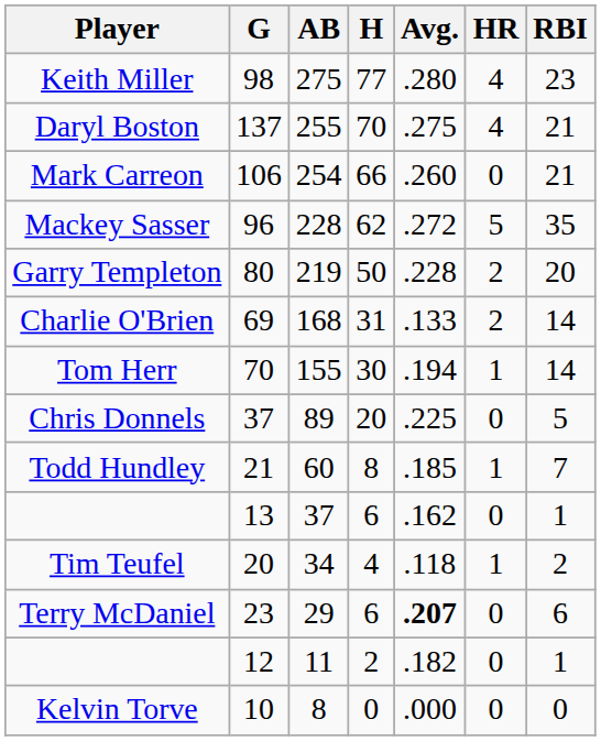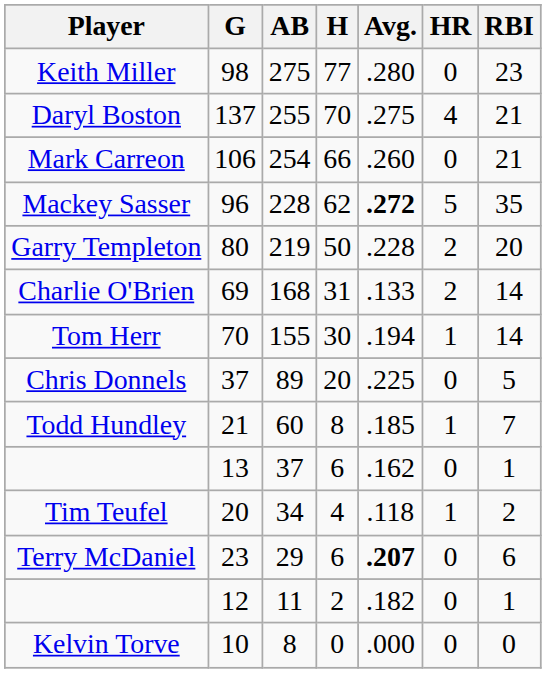 <table class="wikitable sortable">
 <tr>
 <th>Player</th>
 <th>G</th>
 <th>AB</th>
 <th>H</th>
 <th>Avg.</th>
 <th>HR</th>
 <th>RBI</th>
 </tr>
 <tr align="center">
 <td><a href='#'>Keith Miller</a></td>
 <td>98</td>
 <td>275</td>
 <td>77</td>
 <td>.280</td>
-<td>4</td>
+<td>0</td>
 <td>23</td>
 </tr>
 <tr align=center>
 <td><a href='#'>Daryl Boston</a></td>
 <td>137</td>
 <td>255</td>
 <td>70</td>
 <td>.275</td>
 <td>4</td>
 <td>21</td>
 </tr>
 <tr align=center>
 <td><a href='#'>Mark Carreon</a></td>
 <td>106</td>
 <td>254</td>
 <td>66</td>
 <td>.260</td>
 <td>0</td>
 <td>21</td>
 </tr>
 <tr align=center>
 <td><a href='#'>Mackey Sasser</a></td>
 <td>96</td>
 <td>228</td>
 <td>62</td>
-<td>.272</td>
+<td><strong>.272</strong></td>
 <td>5</td>
 <td>35</td>
 </tr>
 <tr align=center>
 <td><a href='#'>Garry Templeton</a></td>
 <td>80</td>
 <td>219</td>
 <td>50</td>
 <td>.228</td>
 <td>2</td>
 <td>20</td>
 </tr>
 <tr align=center>
 <td><a href='#'>Charlie O'Brien</a></td>
 <td>69</td>
 <td>168</td>
 <td>31</td>
 <td>.133</td>
 <td>2</td>
 <td>14</td>
 </tr>
 <tr align=center>
 <td><a href='#'>Tom Herr</a></td>
 <td>70</td>
 <td>155</td>
 <td>30</td>
 <td>.194</td>
 <td>1</td>
 <td>14</td>
 </tr>
 <tr align=center>
 <td><a href='#'>Chris Donnels</a></td>
 <td>37</td>
 <td>89</td>
 <td>20</td>
 <td>.225</td>
 <td>0</td>
 <td>5</td>
 </tr>
 <tr align=center>
 <td><a href='#'>Todd Hundley</a></td>
 <td>21</td>
 <td>60</td>
 <td>8</td>
 <td>.185</td>
 <td>1</td>
 <td>7</td>
 </tr>
 <tr align=center>
 <td></td>
 <td>13</td>
 <td>37</td>
 <td>6</td>
 <td>.162</td>
 <td>0</td>
 <td>1</td>
 </tr>
 <tr align="center">
 <td><a href='#'>Tim Teufel</a></td>
 <td>20</td>
 <td>34</td>
 <td>4</td>
 <td>.118</td>
 <td>1</td>
 <td>2</td>
 </tr>
 <tr align=center>
 <td><a href='#'>Terry McDaniel</a></td>
 <td>23</td>
 <td>29</td>
 <td>6</td>
 <td><strong>.207</strong></td>
 <td>0</td>
 <td>6</td>
 </tr>
 <tr align=center>
 <td></td>
 <td>12</td>
 <td>11</td>
 <td>2</td>
 <td>.182</td>
 <td>0</td>
 <td>1</td>
 </tr>
 <tr align="center">
 <td><a href='#'>Kelvin Torve</a></td>
 <td>10</td>
 <td>8</td>
 <td>0</td>
 <td>.000</td>
 <td>0</td>
 <td>0</td>
 </tr>
 </table>
